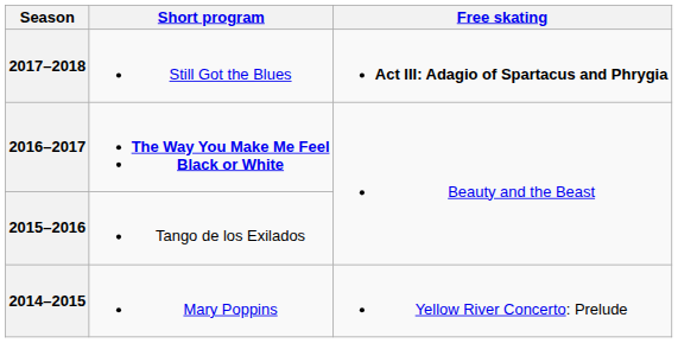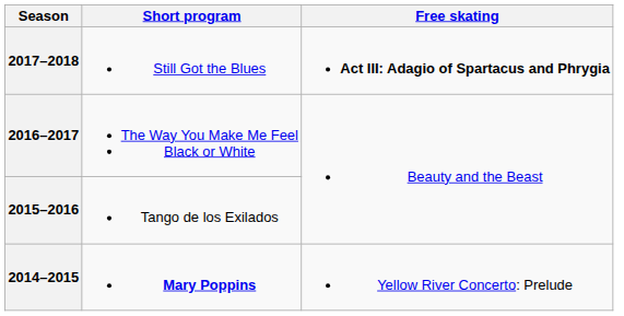 <table class=wikitable style=text-align:center>
 <tr>
 <th>Season</th>
 <th><a href='#'>Short program</a></th>
 <th><a href='#'>Free skating</a></th>
 </tr>
 <tr>
 <th>2017–2018 <br> </th>
 <td><br><ul><li><a href='#'>Still Got the Blues</a> <br></li></ul></td>
 <td><strong><br><ul><li>Act III: Adagio of Spartacus and Phrygia <br></li></ul></strong></td>
 </tr>
 <tr>
 <th>2016–2017 <br> </th>
-<td><strong><br><ul><li><a href='#'>The Way You Make Me Feel</a> <br></li><li><a href='#'>Black or White</a> <br></li></ul></strong></td>
+<td><br><ul><li><a href='#'>The Way You Make Me Feel</a> <br></li><li><a href='#'>Black or White</a> <br></li></ul></td>
 <td rowspan=2><br><ul><li><a href='#'>Beauty and the Beast</a> <br></li></ul></td>
 </tr>
 <tr>
 <th>2015–2016 <br> </th>
 <td><br><ul><li>Tango de los Exilados <br></li></ul></td>
 </tr>
 <tr>
 <th>2014–2015 <br> </th>
-<td><br><ul><li><a href='#'>Mary Poppins</a> <br></li></ul></td>
+<td><strong><br><ul><li><a href='#'>Mary Poppins</a> <br></li></ul></strong></td>
 <td><br><ul><li><a href='#'>Yellow River Concerto</a>: Prelude <br></li></ul></td>
 </tr>
 </table>
